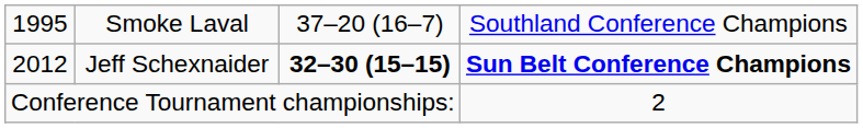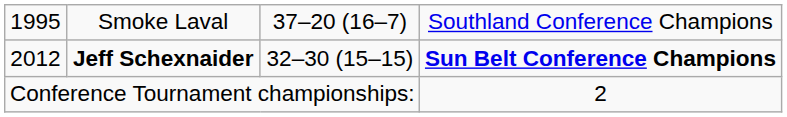 <table class="wikitable" style="text-align:center">
 <tr>
 <td>1995</td>
 <td>Smoke Laval</td>
 <td>37–20 (16–7)</td>
 <td><a href='#'>Southland Conference</a> Champions</td>
 </tr>
 <tr>
 <td>2012</td>
-<td>Jeff Schexnaider</td>
-<td><strong>32–30 (15–15)</strong></td>
+<td><strong>Jeff Schexnaider</strong></td>
+<td>32–30 (15–15)</td>
 <td><strong><a href='#'>Sun Belt Conference</a> Champions</strong></td>
 </tr>
 <tr>
 <td colspan=3>Conference Tournament championships:</td>
 <td>2</td>
 </tr>
 </table>
